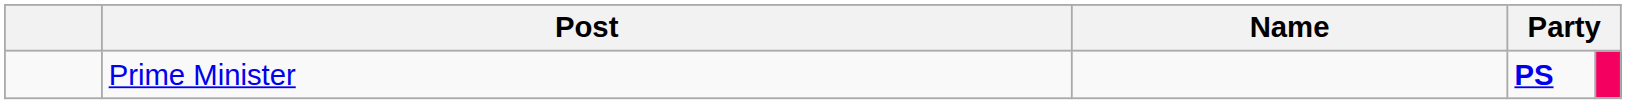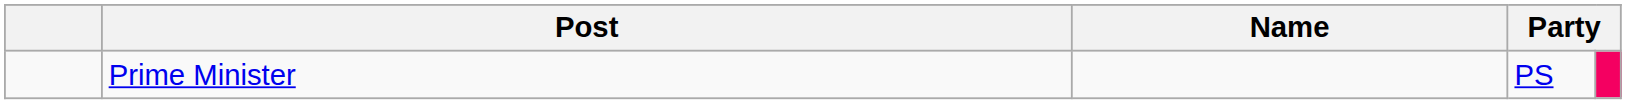 <table class="wikitable sortable" style="width:100%;">
 <tr>
 <th class="unsortable"></th>
 <th width=60%>Post</th>
 <th width=27%>Name</th>
 <th colspan="2" width="7%">Party</th>
 </tr>
 <tr>
 <td></td>
 <td><a href='#'>Prime Minister</a></td>
 <td></td>
-<td><strong><a href='#'>PS</a></strong></td>
+<td><a href='#'>PS</a></td>
 <td style="width:1px;; background:#F40061;"></td>
 </tr>
 </table>
